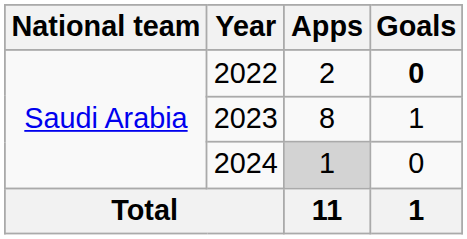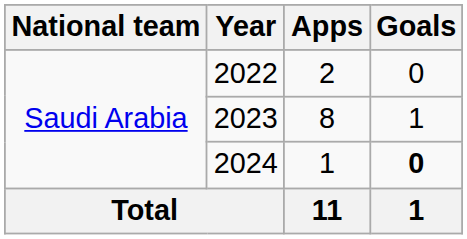 <table class="wikitable" style="text-align:center">
 <tr>
 <th>National team</th>
 <th>Year</th>
 <th>Apps</th>
 <th>Goals</th>
 </tr>
 <tr>
 <td rowspan="3"><a href='#'>Saudi Arabia</a></td>
 <td>2022</td>
 <td>2</td>
-<td><strong>0</strong></td>
+<td>0</td>
 </tr>
 <tr>
 <td>2023</td>
 <td>8</td>
 <td>1</td>
 </tr>
 <tr>
 <td>2024</td>
-<td style="background: lightgrey;">1</td>
-<td>0</td>
+<td>1</td>
+<td><strong>0</strong></td>
 </tr>
 <tr>
 <th colspan="2">Total</th>
 <th>11</th>
 <th>1</th>
 </tr>
 </table>
